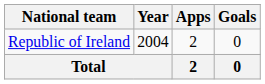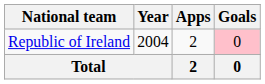 <table class=wikitable style="text-align: center">
 <tr>
 <th>National team</th>
 <th>Year</th>
 <th>Apps</th>
 <th>Goals</th>
 </tr>
 <tr>
 <td><a href='#'>Republic of Ireland</a></td>
 <td>2004</td>
 <td>2</td>
-<td>0</td>
+<td style="background: pink;">0</td>
 </tr>
 <tr>
 <th colspan=2>Total</th>
 <th>2</th>
 <th>0</th>
 </tr>
 </table>
